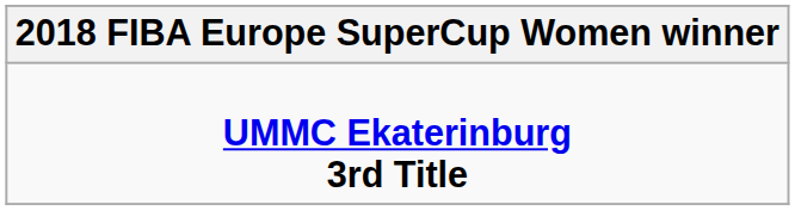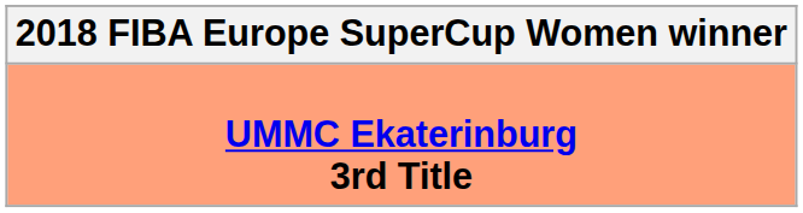 <table class=wikitable style="text-align:center; margin:auto">
 <tr>
 <th>2018 FIBA Europe SuperCup Women winner</th>
 </tr>
 <tr>
-<td><br><strong><a href='#'>UMMC Ekaterinburg</a></strong><br><strong>3rd Title</strong></td>
+<td style="background: lightsalmon;"><br><strong><a href='#'>UMMC Ekaterinburg</a></strong><br><strong>3rd Title</strong></td>
 </tr>
 </table>
